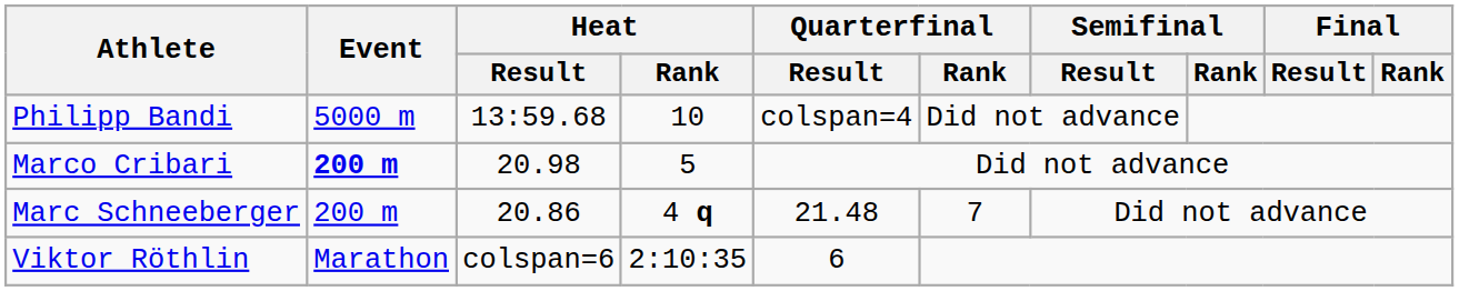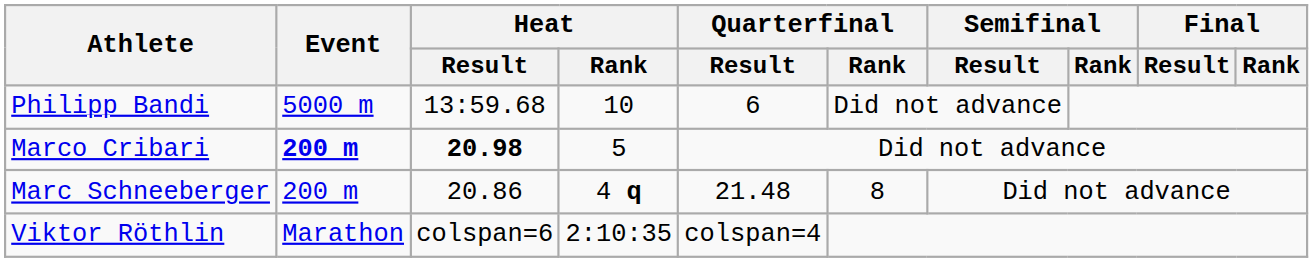 <table class=wikitable style="font-size:90%">
 <tr>
 <th rowspan="2">Athlete</th>
 <th rowspan="2">Event</th>
 <th colspan="2">Heat</th>
 <th colspan="2">Quarterfinal</th>
 <th colspan="2">Semifinal</th>
 <th colspan="2">Final</th>
 </tr>
 <tr style="font-size:95%">
 <th>Result</th>
 <th>Rank</th>
 <th>Result</th>
 <th>Rank</th>
 <th>Result</th>
 <th>Rank</th>
 <th>Result</th>
 <th>Rank</th>
 </tr>
 <tr align=center>
 <td align=left><a href='#'>Philipp Bandi</a></td>
 <td align=left><a href='#'>5000 m</a></td>
 <td>13:59.68</td>
 <td>10</td>
-<td>colspan=4 </td>
+<td>6</td>
 <td colspan=2>Did not advance</td>
 </tr>
 <tr align=center>
 <td align=left><a href='#'>Marco Cribari</a></td>
 <td align=left><strong><a href='#'>200 m</a></strong></td>
-<td>20.98</td>
+<td><strong>20.98</strong></td>
 <td>5</td>
 <td colspan=6>Did not advance</td>
 </tr>
 <tr align=center>
 <td align=left><a href='#'>Marc Schneeberger</a></td>
 <td align=left><a href='#'>200 m</a></td>
 <td>20.86</td>
 <td>4 <strong>q</strong></td>
 <td>21.48</td>
-<td>7</td>
+<td>8</td>
 <td colspan=4>Did not advance</td>
 </tr>
 <tr align=center>
 <td align=left><a href='#'>Viktor Röthlin</a></td>
 <td align=left><a href='#'>Marathon</a></td>
 <td>colspan=6 </td>
 <td>2:10:35</td>
-<td>6</td>
+<td>colspan=4 </td>
 </tr>
 </table>
